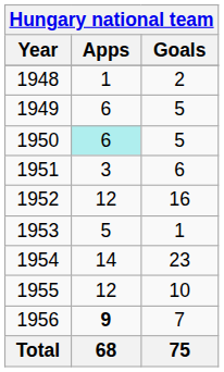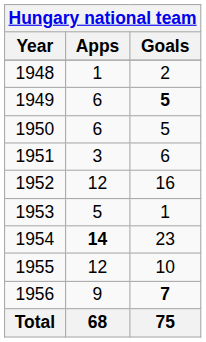 <table class="wikitable" style="text-align:center">
 <tr>
 <th colspan=3><a href='#'>Hungary national team</a></th>
 </tr>
 <tr>
 <th>Year</th>
 <th>Apps</th>
 <th>Goals</th>
 </tr>
 <tr>
 </tr>
 <tr>
 <td>1948</td>
 <td>1</td>
 <td>2</td>
 </tr>
 <tr>
 <td>1949</td>
 <td>6</td>
-<td>5</td>
+<td><strong>5</strong></td>
 </tr>
 <tr>
 <td>1950</td>
-<td style="background: paleturquoise;">6</td>
+<td>6</td>
 <td>5</td>
 </tr>
 <tr>
 <td>1951</td>
 <td>3</td>
 <td>6</td>
 </tr>
 <tr>
 <td>1952</td>
 <td>12</td>
 <td>16</td>
 </tr>
 <tr>
 <td>1953</td>
 <td>5</td>
 <td>1</td>
 </tr>
 <tr>
 <td>1954</td>
-<td>14</td>
+<td><strong>14</strong></td>
 <td>23</td>
 </tr>
 <tr>
 <td>1955</td>
 <td>12</td>
 <td>10</td>
 </tr>
 <tr>
 <td>1956</td>
-<td><strong>9</strong></td>
-<td>7</td>
+<td>9</td>
+<td><strong>7</strong></td>
 </tr>
 <tr>
 <th>Total</th>
 <th>68</th>
 <th>75</th>
 </tr>
 </table>
